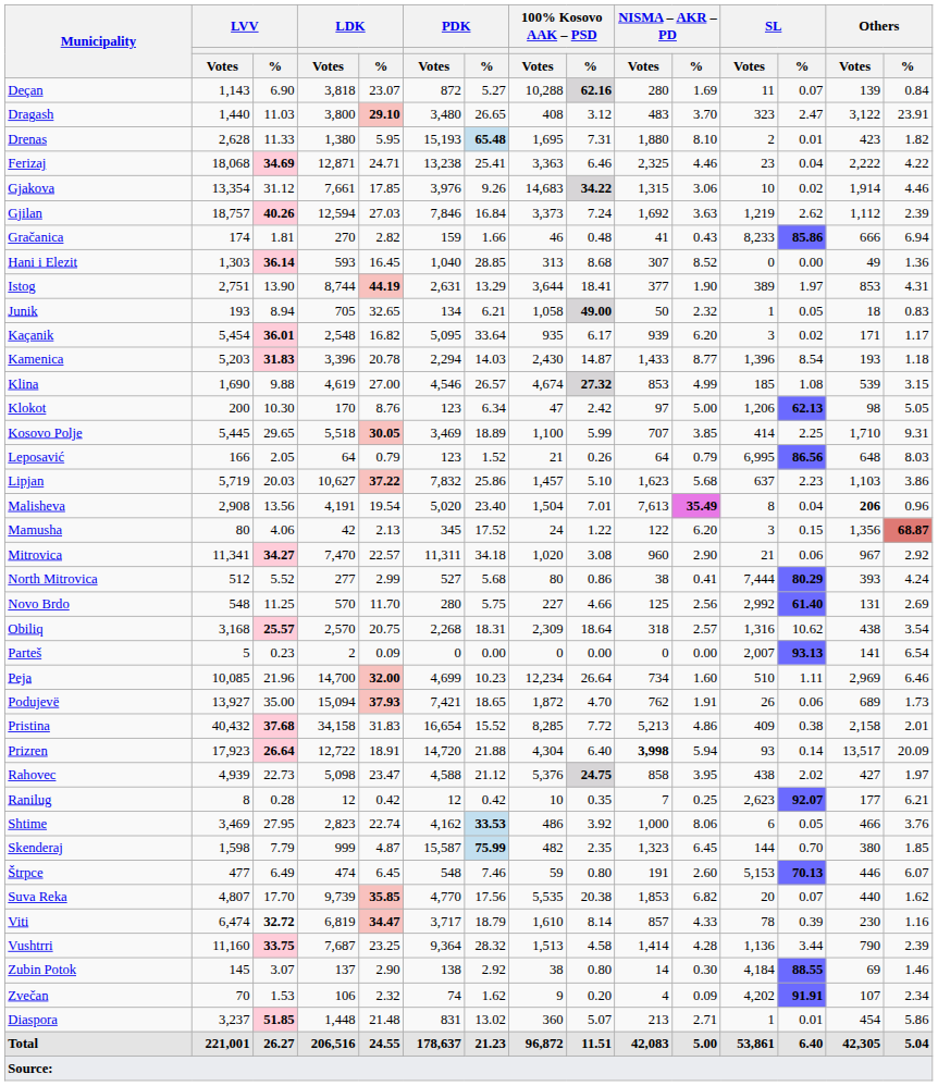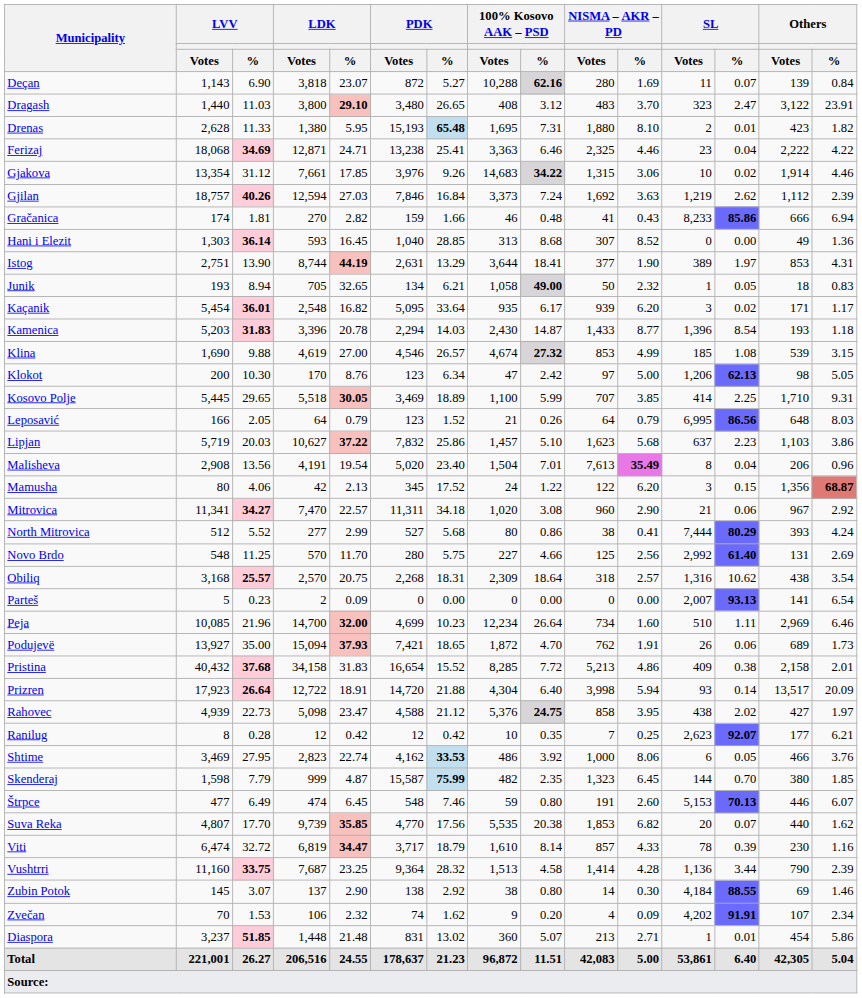 <table class="wikitable sortable collapsible mw-datatable" style="text-align:right; font-size:95%; line-height:20px">
 <tr>
 <th width="200" rowspan="3"><a href='#'>Municipality</a></th>
 <th width="110" colspan="2"><a href='#'>LVV</a></th>
 <th width="110" colspan="2"><a href='#'>LDK</a></th>
 <th width="110" colspan="2"><a href='#'>PDK</a></th>
 <th width="110" colspan="2">100% Κosovo<br> <a href='#'>AAK</a> – <a href='#'>PSD</a></th>
 <th width="110" colspan="2"><a href='#'>NISMA</a> – <a href='#'>AKR</a> – <a href='#'>PD</a></th>
 <th width="110" colspan="2"><a href='#'>SL</a></th>
 <th width="110" colspan="2">Others</th>
 </tr>
 <tr>
 <th colspan="2" style="background:"></th>
 <th colspan="2" style="background:"></th>
 <th colspan="2" style="background:"></th>
 <th colspan="2" style="background:"></th>
 <th colspan="2" style="background:"></th>
 <th colspan="2" style="background:"></th>
 <th colspan="2" style="background:"></th>
 </tr>
 <tr>
 <th>Votes</th>
 <th>%</th>
 <th>Votes</th>
 <th>%</th>
 <th>Votes</th>
 <th>%</th>
 <th>Votes</th>
 <th>%</th>
 <th>Votes</th>
 <th>%</th>
 <th>Votes</th>
 <th>%</th>
 <th>Votes</th>
 <th>%</th>
 </tr>
 <tr>
 <td align="left"><a href='#'>Deçan</a></td>
 <td>1,143</td>
 <td>6.90</td>
 <td>3,818</td>
 <td>23.07</td>
 <td>872</td>
 <td>5.27</td>
 <td>10,288</td>
 <td style="background:#D7D5D7"><strong>62.16</strong></td>
 <td>280</td>
 <td>1.69</td>
 <td>11</td>
 <td>0.07</td>
 <td>139</td>
 <td>0.84</td>
 </tr>
 <tr>
 <td align="left"><a href='#'>Dragash</a></td>
 <td>1,440</td>
 <td>11.03</td>
 <td>3,800</td>
 <td style="background:#F8C1BE"><strong>29.10</strong></td>
 <td>3,480</td>
 <td>26.65</td>
 <td>408</td>
 <td>3.12</td>
 <td>483</td>
 <td>3.70</td>
 <td>323</td>
 <td>2.47</td>
 <td>3,122</td>
 <td>23.91</td>
 </tr>
 <tr>
 <td align="left"><a href='#'>Drenas</a></td>
 <td>2,628</td>
 <td>11.33</td>
 <td>1,380</td>
 <td>5.95</td>
 <td>15,193</td>
 <td style="background:#C2DFEF"><strong>65.48</strong></td>
 <td>1,695</td>
 <td>7.31</td>
 <td>1,880</td>
 <td>8.10</td>
 <td>2</td>
 <td>0.01</td>
 <td>423</td>
 <td>1.82</td>
 </tr>
 <tr>
 <td align="left"><a href='#'>Ferizaj</a></td>
 <td>18,068</td>
 <td style="background:#FFCCD9"><strong>34.69</strong></td>
 <td>12,871</td>
 <td>24.71</td>
 <td>13,238</td>
 <td>25.41</td>
 <td>3,363</td>
 <td>6.46</td>
 <td>2,325</td>
 <td>4.46</td>
 <td>23</td>
 <td>0.04</td>
 <td>2,222</td>
 <td>4.22</td>
 </tr>
 <tr>
 <td align="left"><a href='#'>Gjakova</a></td>
 <td>13,354</td>
 <td>31.12</td>
 <td>7,661</td>
 <td>17.85</td>
 <td>3,976</td>
 <td>9.26</td>
 <td>14,683</td>
 <td style="background:#D7D5D7"><strong>34.22</strong></td>
 <td>1,315</td>
 <td>3.06</td>
 <td>10</td>
 <td>0.02</td>
 <td>1,914</td>
 <td>4.46</td>
 </tr>
 <tr>
 <td align="left"><a href='#'>Gjilan</a></td>
 <td>18,757</td>
 <td style="background:#FFCCD9"><strong>40.26</strong></td>
 <td>12,594</td>
 <td>27.03</td>
 <td>7,846</td>
 <td>16.84</td>
 <td>3,373</td>
 <td>7.24</td>
 <td>1,692</td>
 <td>3.63</td>
 <td>1,219</td>
 <td>2.62</td>
 <td>1,112</td>
 <td>2.39</td>
 </tr>
 <tr>
 <td align="left"><a href='#'>Gračanica</a></td>
 <td>174</td>
 <td>1.81</td>
 <td>270</td>
 <td>2.82</td>
 <td>159</td>
 <td>1.66</td>
 <td>46</td>
 <td>0.48</td>
 <td>41</td>
 <td>0.43</td>
 <td>8,233</td>
 <td style="background:#6B6AFF"><strong>85.86</strong></td>
 <td>666</td>
 <td>6.94</td>
 </tr>
 <tr>
 <td align="left"><a href='#'>Hani i Elezit</a></td>
 <td>1,303</td>
 <td style="background:#FFCCD9"><strong>36.14</strong></td>
 <td>593</td>
 <td>16.45</td>
 <td>1,040</td>
 <td>28.85</td>
 <td>313</td>
 <td>8.68</td>
 <td>307</td>
 <td>8.52</td>
 <td>0</td>
 <td>0.00</td>
 <td>49</td>
 <td>1.36</td>
 </tr>
 <tr>
 <td align="left"><a href='#'>Istog</a></td>
 <td>2,751</td>
 <td>13.90</td>
 <td>8,744</td>
 <td style="background:#F8C1BE"><strong>44.19</strong></td>
 <td>2,631</td>
 <td>13.29</td>
 <td>3,644</td>
 <td>18.41</td>
 <td>377</td>
 <td>1.90</td>
 <td>389</td>
 <td>1.97</td>
 <td>853</td>
 <td>4.31</td>
 </tr>
 <tr>
 <td align="left"><a href='#'>Junik</a></td>
 <td>193</td>
 <td>8.94</td>
 <td>705</td>
 <td>32.65</td>
 <td>134</td>
 <td>6.21</td>
 <td>1,058</td>
 <td style="background:#D7D5D7"><strong>49.00</strong></td>
 <td>50</td>
 <td>2.32</td>
 <td>1</td>
 <td>0.05</td>
 <td>18</td>
 <td>0.83</td>
 </tr>
 <tr>
 <td align="left"><a href='#'>Kaçanik</a></td>
 <td>5,454</td>
 <td style="background:#FFCCD9"><strong>36.01</strong></td>
 <td>2,548</td>
 <td>16.82</td>
 <td>5,095</td>
 <td>33.64</td>
 <td>935</td>
 <td>6.17</td>
 <td>939</td>
 <td>6.20</td>
 <td>3</td>
 <td>0.02</td>
 <td>171</td>
 <td>1.17</td>
 </tr>
 <tr>
 <td align="left"><a href='#'>Kamenica</a></td>
 <td>5,203</td>
 <td style="background:#FFCCD9"><strong>31.83</strong></td>
 <td>3,396</td>
 <td>20.78</td>
 <td>2,294</td>
 <td>14.03</td>
 <td>2,430</td>
 <td>14.87</td>
 <td>1,433</td>
 <td>8.77</td>
 <td>1,396</td>
 <td>8.54</td>
 <td>193</td>
 <td>1.18</td>
 </tr>
 <tr>
 <td align="left"><a href='#'>Klina</a></td>
 <td>1,690</td>
 <td>9.88</td>
 <td>4,619</td>
 <td>27.00</td>
 <td>4,546</td>
 <td>26.57</td>
 <td>4,674</td>
 <td style="background:#D7D5D7"><strong>27.32</strong></td>
 <td>853</td>
 <td>4.99</td>
 <td>185</td>
 <td>1.08</td>
 <td>539</td>
 <td>3.15</td>
 </tr>
 <tr>
 <td align="left"><a href='#'>Klokot</a></td>
 <td>200</td>
 <td>10.30</td>
 <td>170</td>
 <td>8.76</td>
 <td>123</td>
 <td>6.34</td>
 <td>47</td>
 <td>2.42</td>
 <td>97</td>
 <td>5.00</td>
 <td>1,206</td>
 <td style="background:#6B6AFF"><strong>62.13</strong></td>
 <td>98</td>
 <td>5.05</td>
 </tr>
 <tr>
 <td align="left"><a href='#'>Kosovo Polje</a></td>
 <td>5,445</td>
 <td>29.65</td>
 <td>5,518</td>
 <td style="background:#F8C1BE"><strong>30.05</strong></td>
 <td>3,469</td>
 <td>18.89</td>
 <td>1,100</td>
 <td>5.99</td>
 <td>707</td>
 <td>3.85</td>
 <td>414</td>
 <td>2.25</td>
 <td>1,710</td>
 <td>9.31</td>
 </tr>
 <tr>
 <td align="left"><a href='#'>Leposavić</a></td>
 <td>166</td>
 <td>2.05</td>
 <td>64</td>
 <td>0.79</td>
 <td>123</td>
 <td>1.52</td>
 <td>21</td>
 <td>0.26</td>
 <td>64</td>
 <td>0.79</td>
 <td>6,995</td>
 <td style="background:#6B6AFF"><strong>86.56</strong></td>
 <td>648</td>
 <td>8.03</td>
 </tr>
 <tr>
 <td align="left"><a href='#'>Lipjan</a></td>
 <td>5,719</td>
 <td>20.03</td>
 <td>10,627</td>
 <td style="background:#F8C1BE"><strong>37.22</strong></td>
 <td>7,832</td>
 <td>25.86</td>
 <td>1,457</td>
 <td>5.10</td>
 <td>1,623</td>
 <td>5.68</td>
 <td>637</td>
 <td>2.23</td>
 <td>1,103</td>
 <td>3.86</td>
 </tr>
 <tr>
 <td align="left"><a href='#'>Malisheva</a></td>
 <td>2,908</td>
 <td>13.56</td>
 <td>4,191</td>
 <td>19.54</td>
 <td>5,020</td>
 <td>23.40</td>
 <td>1,504</td>
 <td>7.01</td>
 <td>7,613</td>
 <td style="background:#E878E6"><strong>35.49</strong></td>
 <td>8</td>
 <td>0.04</td>
-<td><strong>206</strong></td>
+<td>206</td>
 <td>0.96</td>
 </tr>
 <tr>
 <td align="left"><a href='#'>Mamusha</a></td>
 <td>80</td>
 <td>4.06</td>
 <td>42</td>
 <td>2.13</td>
 <td>345</td>
 <td>17.52</td>
 <td>24</td>
 <td>1.22</td>
 <td>122</td>
 <td>6.20</td>
 <td>3</td>
 <td>0.15</td>
 <td>1,356</td>
 <td style="background:#DF7974"><strong>68.87</strong></td>
 </tr>
 <tr>
 <td align="left"><a href='#'>Mitrovica</a></td>
 <td>11,341</td>
 <td style="background:#FFCCD9"><strong>34.27</strong></td>
 <td>7,470</td>
 <td>22.57</td>
 <td>11,311</td>
 <td>34.18</td>
 <td>1,020</td>
 <td>3.08</td>
 <td>960</td>
 <td>2.90</td>
 <td>21</td>
 <td>0.06</td>
 <td>967</td>
 <td>2.92</td>
 </tr>
 <tr>
 <td align="left"><a href='#'>North Mitrovica</a></td>
 <td>512</td>
 <td>5.52</td>
 <td>277</td>
 <td>2.99</td>
 <td>527</td>
 <td>5.68</td>
 <td>80</td>
 <td>0.86</td>
 <td>38</td>
 <td>0.41</td>
 <td>7,444</td>
 <td style="background:#6B6AFF"><strong>80.29</strong></td>
 <td>393</td>
 <td>4.24</td>
 </tr>
 <tr>
 <td align="left"><a href='#'>Novo Brdo</a></td>
 <td>548</td>
 <td>11.25</td>
 <td>570</td>
 <td>11.70</td>
 <td>280</td>
 <td>5.75</td>
 <td>227</td>
 <td>4.66</td>
 <td>125</td>
 <td>2.56</td>
 <td>2,992</td>
 <td style="background:#6B6AFF"><strong>61.40</strong></td>
 <td>131</td>
 <td>2.69</td>
 </tr>
 <tr>
 <td align="left"><a href='#'>Obiliq</a></td>
 <td>3,168</td>
 <td style="background:#FFCCD9"><strong>25.57</strong></td>
 <td>2,570</td>
 <td>20.75</td>
 <td>2,268</td>
 <td>18.31</td>
 <td>2,309</td>
 <td>18.64</td>
 <td>318</td>
 <td>2.57</td>
 <td>1,316</td>
 <td>10.62</td>
 <td>438</td>
 <td>3.54</td>
 </tr>
 <tr>
 <td align="left"><a href='#'>Parteš</a></td>
 <td>5</td>
 <td>0.23</td>
 <td>2</td>
 <td>0.09</td>
 <td>0</td>
 <td>0.00</td>
 <td>0</td>
 <td>0.00</td>
 <td>0</td>
 <td>0.00</td>
 <td>2,007</td>
 <td style="background:#6B6AFF"><strong>93.13</strong></td>
 <td>141</td>
 <td>6.54</td>
 </tr>
 <tr>
 <td align="left"><a href='#'>Peja</a></td>
 <td>10,085</td>
 <td>21.96</td>
 <td>14,700</td>
 <td style="background:#F8C1BE"><strong>32.00</strong></td>
 <td>4,699</td>
 <td>10.23</td>
 <td>12,234</td>
 <td>26.64</td>
 <td>734</td>
 <td>1.60</td>
 <td>510</td>
 <td>1.11</td>
 <td>2,969</td>
 <td>6.46</td>
 </tr>
 <tr>
 <td align="left"><a href='#'>Podujevë</a></td>
 <td>13,927</td>
 <td>35.00</td>
 <td>15,094</td>
 <td style="background:#F8C1BE"><strong>37.93</strong></td>
 <td>7,421</td>
 <td>18.65</td>
 <td>1,872</td>
 <td>4.70</td>
 <td>762</td>
 <td>1.91</td>
 <td>26</td>
 <td>0.06</td>
 <td>689</td>
 <td>1.73</td>
 </tr>
 <tr>
 <td align="left"><a href='#'>Pristina</a></td>
 <td>40,432</td>
 <td style="background:#FFCCD9"><strong>37.68</strong></td>
 <td>34,158</td>
 <td>31.83</td>
 <td>16,654</td>
 <td>15.52</td>
 <td>8,285</td>
 <td>7.72</td>
 <td>5,213</td>
 <td>4.86</td>
 <td>409</td>
 <td>0.38</td>
 <td>2,158</td>
 <td>2.01</td>
 </tr>
 <tr>
 <td align="left"><a href='#'>Prizren</a></td>
 <td>17,923</td>
 <td style="background:#FFCCD9"><strong>26.64</strong></td>
 <td>12,722</td>
 <td>18.91</td>
 <td>14,720</td>
 <td>21.88</td>
 <td>4,304</td>
 <td>6.40</td>
-<td><strong>3,998</strong></td>
+<td>3,998</td>
 <td>5.94</td>
 <td>93</td>
 <td>0.14</td>
 <td>13,517</td>
 <td>20.09</td>
 </tr>
 <tr>
 <td align="left"><a href='#'>Rahovec</a></td>
 <td>4,939</td>
 <td>22.73</td>
 <td>5,098</td>
 <td>23.47</td>
 <td>4,588</td>
 <td>21.12</td>
 <td>5,376</td>
 <td style="background:#D7D5D7"><strong>24.75</strong></td>
 <td>858</td>
 <td>3.95</td>
 <td>438</td>
 <td>2.02</td>
 <td>427</td>
 <td>1.97</td>
 </tr>
 <tr>
 <td align="left"><a href='#'>Ranilug</a></td>
 <td>8</td>
 <td>0.28</td>
 <td>12</td>
 <td>0.42</td>
 <td>12</td>
 <td>0.42</td>
 <td>10</td>
 <td>0.35</td>
 <td>7</td>
 <td>0.25</td>
 <td>2,623</td>
 <td style="background:#6B6AFF"><strong>92.07</strong></td>
 <td>177</td>
 <td>6.21</td>
 </tr>
 <tr>
 <td align="left"><a href='#'>Shtime</a></td>
 <td>3,469</td>
 <td>27.95</td>
 <td>2,823</td>
 <td>22.74</td>
 <td>4,162</td>
 <td style="background:#C2DFEF"><strong>33.53</strong></td>
 <td>486</td>
 <td>3.92</td>
 <td>1,000</td>
 <td>8.06</td>
 <td>6</td>
 <td>0.05</td>
 <td>466</td>
 <td>3.76</td>
 </tr>
 <tr>
 <td align="left"><a href='#'>Skenderaj</a></td>
 <td>1,598</td>
 <td>7.79</td>
 <td>999</td>
 <td>4.87</td>
 <td>15,587</td>
 <td style="background:#C2DFEF"><strong>75.99</strong></td>
 <td>482</td>
 <td>2.35</td>
 <td>1,323</td>
 <td>6.45</td>
 <td>144</td>
 <td>0.70</td>
 <td>380</td>
 <td>1.85</td>
 </tr>
 <tr>
 <td align="left"><a href='#'>Štrpce</a></td>
 <td>477</td>
 <td>6.49</td>
 <td>474</td>
 <td>6.45</td>
 <td>548</td>
 <td>7.46</td>
 <td>59</td>
 <td>0.80</td>
 <td>191</td>
 <td>2.60</td>
 <td>5,153</td>
 <td style="background:#6B6AFF"><strong>70.13</strong></td>
 <td>446</td>
 <td>6.07</td>
 </tr>
 <tr>
 <td align="left"><a href='#'>Suva Reka</a></td>
 <td>4,807</td>
 <td>17.70</td>
 <td>9,739</td>
 <td style="background:#F8C1BE"><strong>35.85</strong></td>
 <td>4,770</td>
 <td>17.56</td>
 <td>5,535</td>
 <td>20.38</td>
 <td>1,853</td>
 <td>6.82</td>
 <td>20</td>
 <td>0.07</td>
 <td>440</td>
 <td>1.62</td>
 </tr>
 <tr>
 <td align="left"><a href='#'>Viti</a></td>
 <td>6,474</td>
-<td><strong>32.72</strong></td>
+<td>32.72</td>
 <td>6,819</td>
 <td style="background:#F8C1BE"><strong>34.47</strong></td>
 <td>3,717</td>
 <td>18.79</td>
 <td>1,610</td>
 <td>8.14</td>
 <td>857</td>
 <td>4.33</td>
 <td>78</td>
 <td>0.39</td>
 <td>230</td>
 <td>1.16</td>
 </tr>
 <tr>
 <td align="left"><a href='#'>Vushtrri</a></td>
 <td>11,160</td>
 <td style="background:#FFCCD9"><strong>33.75</strong></td>
 <td>7,687</td>
 <td>23.25</td>
 <td>9,364</td>
 <td>28.32</td>
 <td>1,513</td>
 <td>4.58</td>
 <td>1,414</td>
 <td>4.28</td>
 <td>1,136</td>
 <td>3.44</td>
 <td>790</td>
 <td>2.39</td>
 </tr>
 <tr>
 <td align="left"><a href='#'>Zubin Potok</a></td>
 <td>145</td>
 <td>3.07</td>
 <td>137</td>
 <td>2.90</td>
 <td>138</td>
 <td>2.92</td>
 <td>38</td>
 <td>0.80</td>
 <td>14</td>
 <td>0.30</td>
 <td>4,184</td>
 <td style="background:#6B6AFF"><strong>88.55</strong></td>
 <td>69</td>
 <td>1.46</td>
 </tr>
 <tr>
 <td align="left"><a href='#'>Zvečan</a></td>
 <td>70</td>
 <td>1.53</td>
 <td>106</td>
 <td>2.32</td>
 <td>74</td>
 <td>1.62</td>
 <td>9</td>
 <td>0.20</td>
 <td>4</td>
 <td>0.09</td>
 <td>4,202</td>
 <td style="background:#6B6AFF"><strong>91.91</strong></td>
 <td>107</td>
 <td>2.34</td>
 </tr>
 <tr>
 <td align="left"><a href='#'>Diaspora</a></td>
 <td>3,237</td>
 <td style="background:#FFCCD9"><strong>51.85</strong></td>
 <td>1,448</td>
 <td>21.48</td>
 <td>831</td>
 <td>13.02</td>
 <td>360</td>
 <td>5.07</td>
 <td>213</td>
 <td>2.71</td>
 <td>1</td>
 <td>0.01</td>
 <td>454</td>
 <td>5.86</td>
 </tr>
 <tr class="sortbottom" style="font-weight:bold; background:#E4E4E4;">
 <td align="left">Total</td>
 <td>221,001</td>
 <td>26.27</td>
 <td>206,516</td>
 <td>24.55</td>
 <td>178,637</td>
 <td>21.23</td>
 <td>96,872</td>
 <td>11.51</td>
 <td>42,083</td>
 <td>5.00</td>
 <td>53,861</td>
 <td>6.40</td>
 <td>42,305</td>
 <td>5.04</td>
 </tr>
 <tr class="sortbottom">
 <td colspan="15" style="text-align:left; background-color:#eaecf0"><strong>Source: </strong></td>
 </tr>
 </table>
